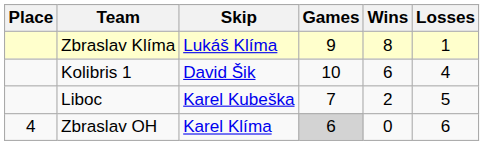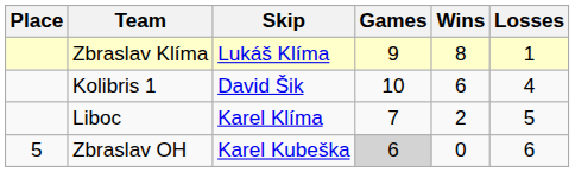 <table class="wikitable" style="text-align:center;">
 <tr>
 <th>Place</th>
 <th>Team</th>
 <th>Skip</th>
 <th>Games</th>
 <th>Wins</th>
 <th>Losses</th>
 </tr>
 <tr bgcolor=#ffc>
 <td></td>
 <td align=left>Zbraslav Klíma</td>
 <td align=left><a href='#'>Lukáš Klíma</a></td>
 <td>9</td>
 <td>8</td>
 <td>1</td>
 </tr>
 <tr>
 <td></td>
 <td align=left>Kolibris 1</td>
 <td align=left><a href='#'>David Šik</a></td>
 <td>10</td>
 <td>6</td>
 <td>4</td>
 </tr>
 <tr>
 <td></td>
 <td align=left>Liboc</td>
-<td align=left><a href='#'>Karel Kubeška</a></td>
+<td align=left><a href='#'>Karel Klíma</a></td>
 <td>7</td>
 <td>2</td>
 <td>5</td>
 </tr>
 <tr>
-<td>4</td>
+<td>5</td>
 <td align=left>Zbraslav OH</td>
-<td align=left><a href='#'>Karel Klíma</a></td>
+<td align=left><a href='#'>Karel Kubeška</a></td>
 <td style="background: lightgrey;">6</td>
 <td>0</td>
 <td>6</td>
 </tr>
 </table>
